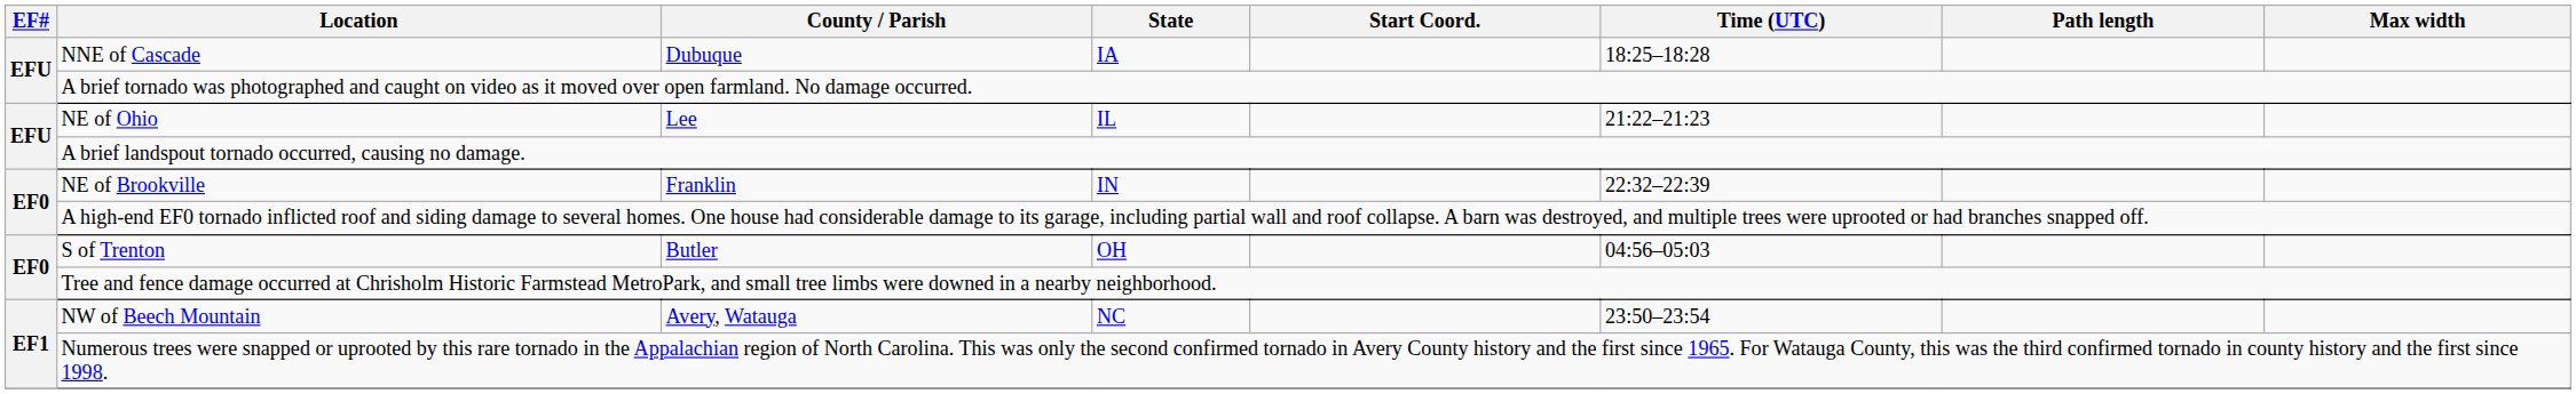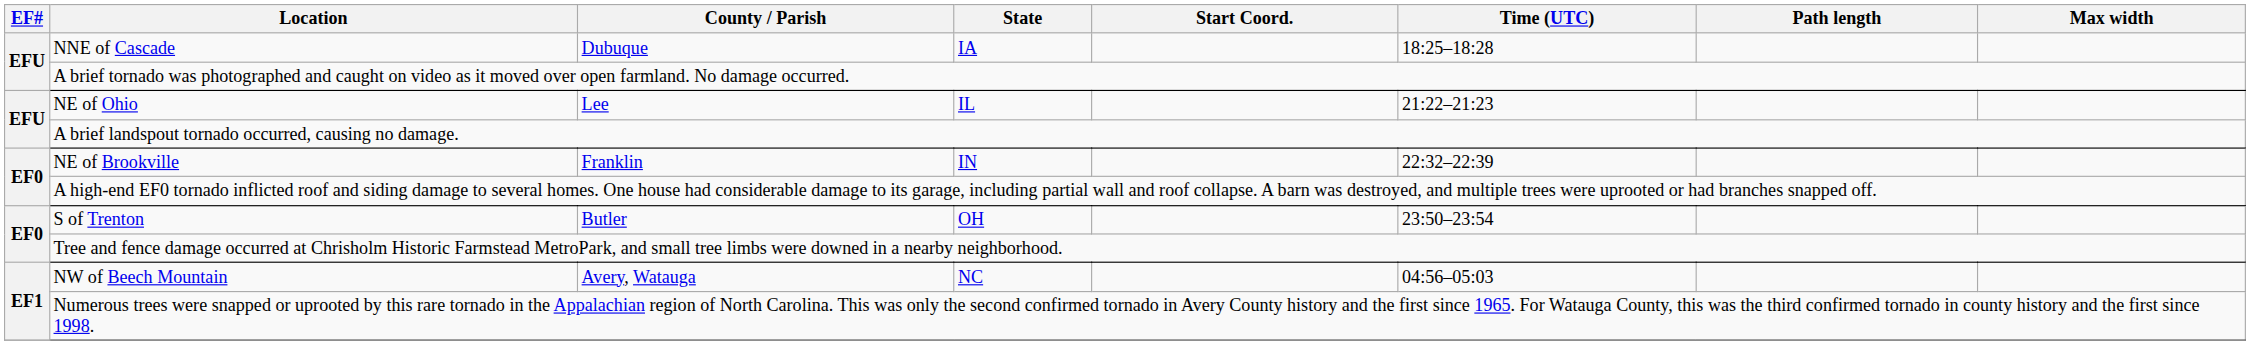 <table class="wikitable sortable" style="width:100%;">
 <tr>
 <th scope="col" width="2%" align="center"><a href='#'>EF#</a></th>
 <th scope="col" align="center" class="unsortable">Location</th>
 <th scope="col" align="center" class="unsortable">County / Parish</th>
 <th scope="col" align="center">State</th>
 <th scope="col" align="center">Start Coord.</th>
 <th scope="col" align="center">Time (<a href='#'>UTC</a>)</th>
 <th scope="col" align="center">Path length</th>
 <th scope="col" align="center">Max width</th>
 </tr>
 <tr>
 <th scope="row" rowspan="2" style="background-color:#">EFU</th>
 <td>NNE of <a href='#'>Cascade</a></td>
 <td><a href='#'>Dubuque</a></td>
 <td><a href='#'>IA</a></td>
 <td></td>
 <td>18:25–18:28</td>
 <td></td>
 <td></td>
 </tr>
 <tr class="expand-child">
 <td colspan="8" style=" border-bottom: 1px solid black;">A brief tornado was photographed and caught on video as it moved over open farmland. No damage occurred.</td>
 </tr>
 <tr>
 <th scope="row" rowspan="2" style="background-color:#">EFU</th>
 <td>NE of <a href='#'>Ohio</a></td>
 <td><a href='#'>Lee</a></td>
 <td><a href='#'>IL</a></td>
 <td></td>
 <td>21:22–21:23</td>
 <td></td>
 <td></td>
 </tr>
 <tr class="expand-child">
 <td colspan="8" style=" border-bottom: 1px solid black;">A brief landspout tornado occurred, causing no damage.</td>
 </tr>
 <tr>
 <th scope="row" rowspan="2" style="background-color:#">EF0</th>
 <td>NE of <a href='#'>Brookville</a></td>
 <td><a href='#'>Franklin</a></td>
 <td><a href='#'>IN</a></td>
 <td></td>
 <td>22:32–22:39</td>
 <td></td>
 <td></td>
 </tr>
 <tr class="expand-child">
 <td colspan="8" style=" border-bottom: 1px solid black;">A high-end EF0 tornado inflicted roof and siding damage to several homes. One house had considerable damage to its garage, including partial wall and roof collapse. A barn was destroyed, and multiple trees were uprooted or had branches snapped off.</td>
 </tr>
 <tr>
 <th scope="row" rowspan="2" style="background-color:#">EF0</th>
 <td>S of <a href='#'>Trenton</a></td>
 <td><a href='#'>Butler</a></td>
 <td><a href='#'>OH</a></td>
 <td></td>
-<td>04:56–05:03</td>
+<td>23:50–23:54</td>
 <td></td>
 <td></td>
 </tr>
 <tr class="expand-child">
 <td colspan="8" style=" border-bottom: 1px solid black;">Tree and fence damage occurred at Chrisholm Historic Farmstead MetroPark, and small tree limbs were downed in a nearby neighborhood.</td>
 </tr>
 <tr>
 <th scope="row" rowspan="2" style="background-color:#">EF1</th>
 <td>NW of <a href='#'>Beech Mountain</a></td>
 <td><a href='#'>Avery</a>, <a href='#'>Watauga</a></td>
 <td><a href='#'>NC</a></td>
 <td></td>
-<td>23:50–23:54</td>
+<td>04:56–05:03</td>
 <td></td>
 <td></td>
 </tr>
 <tr class="expand-child">
 <td colspan="8" style=" border-bottom: 1px solid black;">Numerous trees were snapped or uprooted by this rare tornado in the <a href='#'>Appalachian</a> region of North Carolina. This was only the second confirmed tornado in Avery County history and the first since <a href='#'>1965</a>. For Watauga County, this was the third confirmed tornado in county history and the first since <a href='#'>1998</a>.</td>
 </tr>
 <tr>
 </tr>
 </table>
